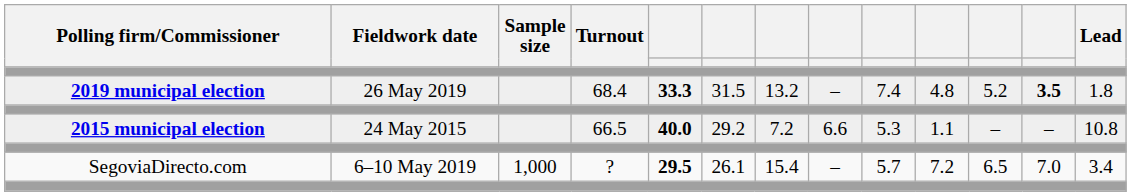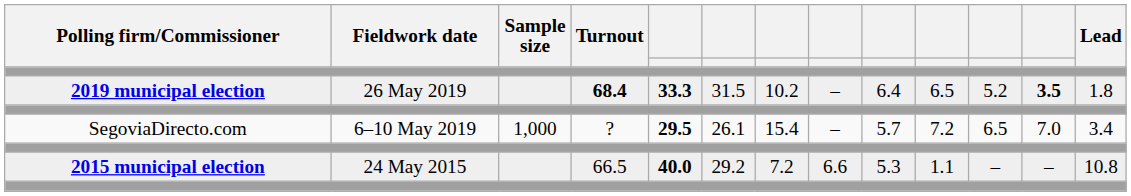 <table class="wikitable collapsible collapsed" style="text-align:center; font-size:95%; line-height:16px;">
 <tr style="height:42px;">
 <th style="width:250px;" rowspan="2">Polling firm/Commissioner</th>
 <th style="width:125px;" rowspan="2">Fieldwork date</th>
 <th style="width:50px;" rowspan="2">Sample size</th>
 <th style="width:45px;" rowspan="2">Turnout</th>
 <th style="width:35px;"></th>
 <th style="width:35px;"></th>
 <th style="width:35px;"></th>
 <th style="width:35px;"></th>
 <th style="width:35px;"></th>
 <th style="width:35px;"></th>
 <th style="width:35px;"></th>
 <th style="width:35px;"></th>
 <th style="width:30px;" rowspan="2">Lead</th>
 </tr>
 <tr>
 <th style="color:inherit;background:"></th>
 <th style="color:inherit;background:"></th>
 <th style="color:inherit;background:"></th>
 <th style="color:inherit;background:"></th>
 <th style="color:inherit;background:"></th>
 <th style="color:inherit;background:"></th>
 <th style="color:inherit;background:"></th>
 <th style="color:inherit;background:"></th>
 </tr>
 <tr>
 <td colspan="13" style="background:#A0A0A0"></td>
 </tr>
 <tr style="background:#EFEFEF;">
 <td><strong><a href='#'>2019 municipal election</a></strong></td>
 <td>26 May 2019</td>
 <td></td>
-<td>68.4</td>
+<td><strong>68.4</strong></td>
 <td><strong>33.3</strong><br></td>
 <td>31.5<br></td>
-<td>13.2<br></td>
+<td>10.2<br></td>
 <td>–</td>
-<td>7.4<br></td>
-<td>4.8<br></td>
+<td>6.4<br></td>
+<td>6.5<br></td>
 <td>5.2<br></td>
 <td><strong>3.5<br></strong></td>
 <td style="background:">1.8</td>
+</tr>
+<tr>
+<td colspan="13" style="background:#A0A0A0"></td>
+</tr>
+<tr>
+<td>SegoviaDirecto.com</td>
+<td>6–10 May 2019</td>
+<td>1,000</td>
+<td>?</td>
+<td><strong>29.5</strong><br></td>
+<td>26.1<br></td>
+<td>15.4<br></td>
+<td>–</td>
+<td>5.7<br></td>
+<td>7.2<br></td>
+<td>6.5<br></td>
+<td>7.0<br></td>
+<td style="background:">3.4</td>
 </tr>
 <tr>
 <td colspan="13" style="background:#A0A0A0"></td>
 </tr>
 <tr style="background:#EFEFEF;">
 <td><strong><a href='#'>2015 municipal election</a></strong></td>
 <td>24 May 2015</td>
 <td></td>
 <td>66.5</td>
 <td><strong>40.0</strong><br></td>
 <td>29.2<br></td>
 <td>7.2<br></td>
 <td>6.6<br></td>
 <td>5.3<br></td>
 <td>1.1<br></td>
 <td>–</td>
 <td>–</td>
 <td style="background:">10.8</td>
 </tr>
 <tr>
 <td colspan="13" style="background:#A0A0A0"></td>
 </tr>
-<tr>
-<td>SegoviaDirecto.com</td>
-<td>6–10 May 2019</td>
-<td>1,000</td>
-<td>?</td>
-<td><strong>29.5</strong><br></td>
-<td>26.1<br></td>
-<td>15.4<br></td>
-<td>–</td>
-<td>5.7<br></td>
-<td>7.2<br></td>
-<td>6.5<br></td>
-<td>7.0<br></td>
-<td style="background:">3.4</td>
-</tr>
-<tr>
-<td colspan="13" style="background:#A0A0A0"></td>
-</tr>
 </table>
